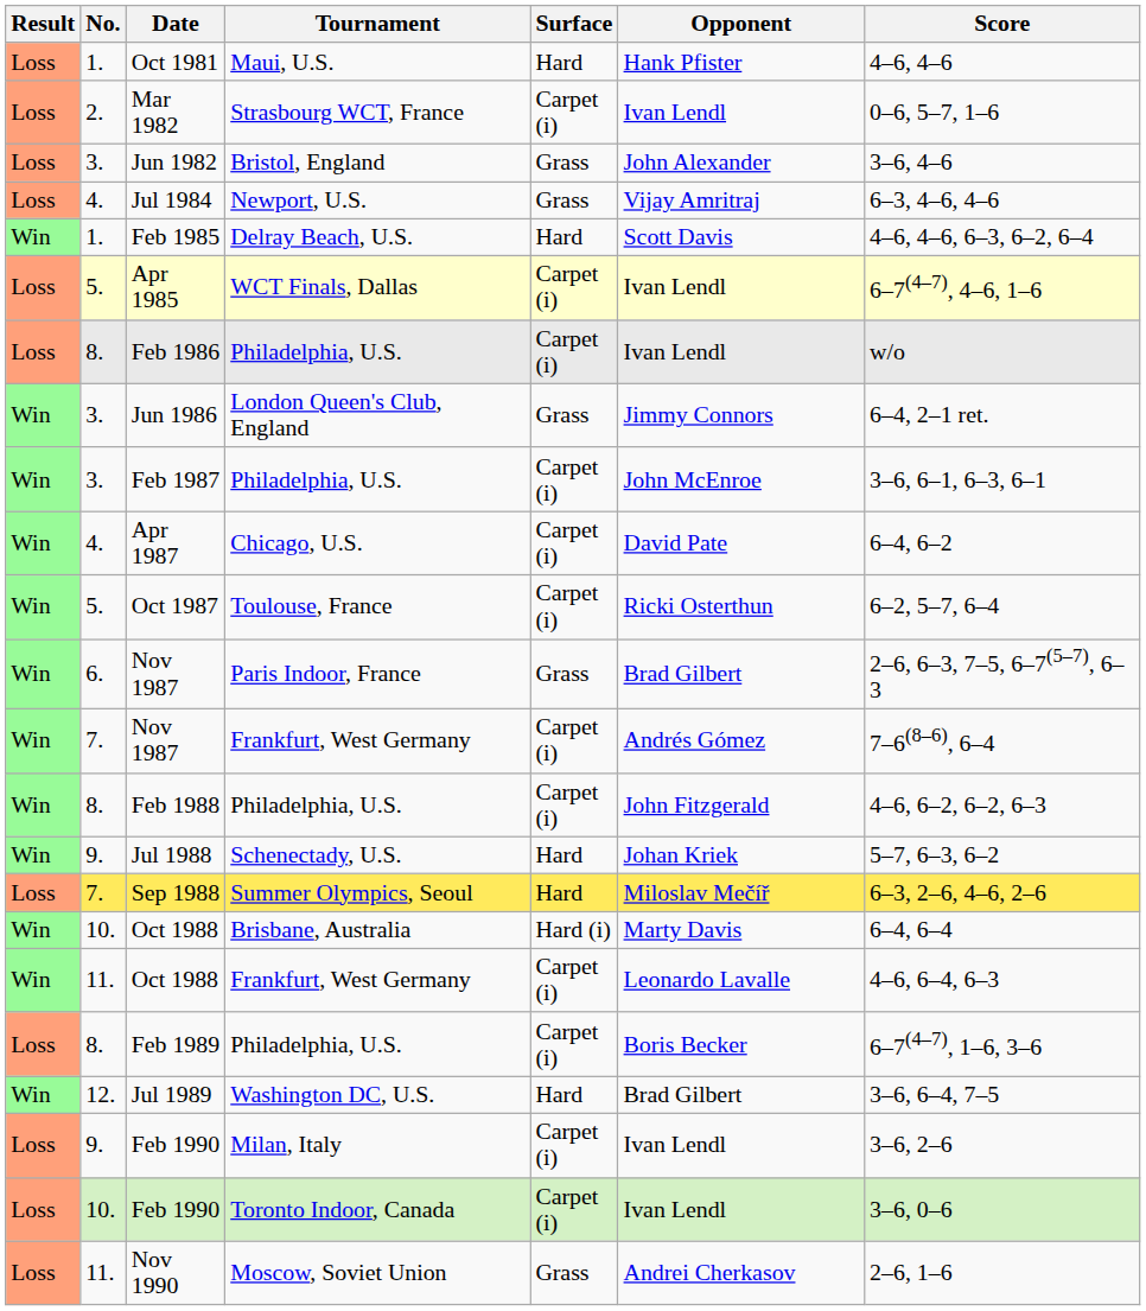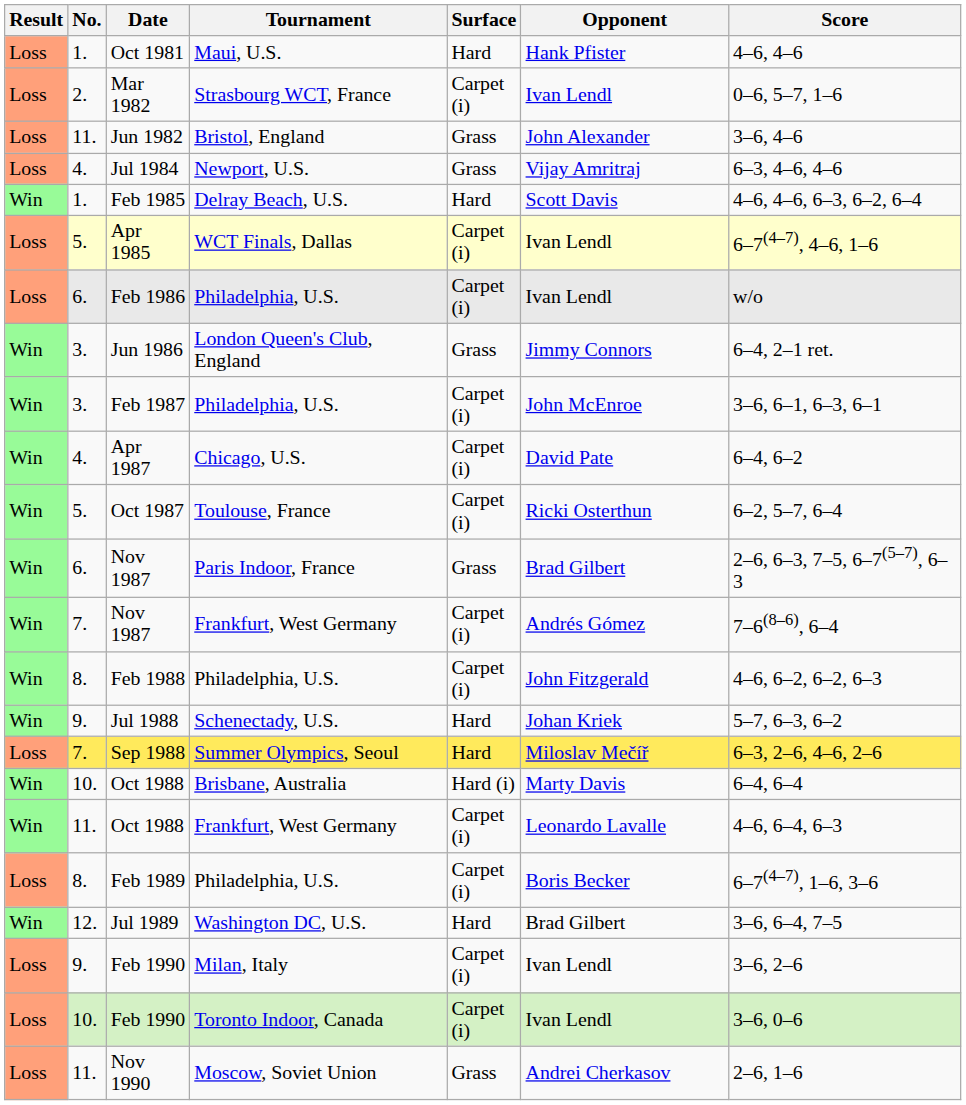 <table class="sortable wikitable">
 <tr>
 <th style="width:40px">Result</th>
 <th style="width:20px" class="unsortable">No.</th>
 <th style="width:60px">Date</th>
 <th style="width:200px">Tournament</th>
 <th style="width:50px">Surface</th>
 <th style="width:160px">Opponent</th>
 <th style="width:180px" class="unsortable">Score</th>
 </tr>
 <tr>
 <td style="background:#ffa07a;">Loss</td>
 <td>1.</td>
 <td>Oct 1981</td>
 <td><a href='#'>Maui</a>, U.S.</td>
 <td>Hard</td>
 <td> <a href='#'>Hank Pfister</a></td>
 <td>4–6, 4–6</td>
 </tr>
 <tr>
 <td style="background:#ffa07a;">Loss</td>
 <td>2.</td>
 <td>Mar 1982</td>
 <td><a href='#'>Strasbourg WCT</a>, France</td>
 <td>Carpet (i)</td>
 <td> <a href='#'>Ivan Lendl</a></td>
 <td>0–6, 5–7, 1–6</td>
 </tr>
 <tr>
 <td style="background:#ffa07a;">Loss</td>
-<td>3.</td>
+<td>11.</td>
 <td>Jun 1982</td>
 <td><a href='#'>Bristol</a>, England</td>
 <td>Grass</td>
 <td> <a href='#'>John Alexander</a></td>
 <td>3–6, 4–6</td>
 </tr>
 <tr>
 <td style="background:#ffa07a;">Loss</td>
 <td>4.</td>
 <td>Jul 1984</td>
 <td><a href='#'>Newport</a>, U.S.</td>
 <td>Grass</td>
 <td> <a href='#'>Vijay Amritraj</a></td>
 <td>6–3, 4–6, 4–6</td>
 </tr>
 <tr>
 <td style="background:#98fb98;">Win</td>
 <td>1.</td>
 <td>Feb 1985</td>
 <td><a href='#'>Delray Beach</a>, U.S.</td>
 <td>Hard</td>
 <td> <a href='#'>Scott Davis</a></td>
 <td>4–6, 4–6, 6–3, 6–2, 6–4</td>
 </tr>
 <tr bgcolor="ffffcc">
 <td style="background:#ffa07a;">Loss</td>
 <td>5.</td>
 <td>Apr 1985</td>
 <td><a href='#'>WCT Finals</a>, Dallas</td>
 <td>Carpet (i)</td>
 <td> Ivan Lendl</td>
 <td>6–7<sup>(4–7)</sup>, 4–6, 1–6</td>
 </tr>
 <tr style="background:#e9e9e9;">
 <td style="background:#ffa07a;">Loss</td>
-<td>8.</td>
+<td>6.</td>
 <td>Feb 1986</td>
 <td><a href='#'>Philadelphia</a>, U.S.</td>
 <td>Carpet (i)</td>
 <td> Ivan Lendl</td>
 <td>w/o</td>
 </tr>
 <tr>
 <td style="background:#98fb98;">Win</td>
 <td>3.</td>
 <td>Jun 1986</td>
 <td><a href='#'>London Queen's Club</a>, England</td>
 <td>Grass</td>
 <td> <a href='#'>Jimmy Connors</a></td>
 <td>6–4, 2–1 ret.</td>
 </tr>
 <tr>
 <td style="background:#98fb98;">Win</td>
 <td>3.</td>
 <td>Feb 1987</td>
 <td><a href='#'>Philadelphia</a>, U.S.</td>
 <td>Carpet (i)</td>
 <td> <a href='#'>John McEnroe</a></td>
 <td>3–6, 6–1, 6–3, 6–1</td>
 </tr>
 <tr>
 <td style="background:#98fb98;">Win</td>
 <td>4.</td>
 <td>Apr 1987</td>
 <td><a href='#'>Chicago</a>, U.S.</td>
 <td>Carpet (i)</td>
 <td> <a href='#'>David Pate</a></td>
 <td>6–4, 6–2</td>
 </tr>
 <tr>
 <td style="background:#98fb98;">Win</td>
 <td>5.</td>
 <td>Oct 1987</td>
 <td><a href='#'>Toulouse</a>, France</td>
 <td>Carpet (i)</td>
 <td> <a href='#'>Ricki Osterthun</a></td>
 <td>6–2, 5–7, 6–4</td>
 </tr>
 <tr>
 <td style="background:#98fb98;">Win</td>
 <td>6.</td>
 <td>Nov 1987</td>
 <td><a href='#'>Paris Indoor</a>, France</td>
 <td>Grass</td>
 <td> <a href='#'>Brad Gilbert</a></td>
 <td>2–6, 6–3, 7–5, 6–7<sup>(5–7)</sup>, 6–3</td>
 </tr>
 <tr>
 <td style="background:#98fb98;">Win</td>
 <td>7.</td>
 <td>Nov 1987</td>
 <td><a href='#'>Frankfurt</a>, West Germany</td>
 <td>Carpet (i)</td>
 <td> <a href='#'>Andrés Gómez</a></td>
 <td>7–6<sup>(8–6)</sup>, 6–4</td>
 </tr>
 <tr>
 <td style="background:#98fb98;">Win</td>
 <td>8.</td>
 <td>Feb 1988</td>
 <td>Philadelphia, U.S.</td>
 <td>Carpet (i)</td>
 <td> <a href='#'>John Fitzgerald</a></td>
 <td>4–6, 6–2, 6–2, 6–3</td>
 </tr>
 <tr>
 <td style="background:#98fb98;">Win</td>
 <td>9.</td>
 <td>Jul 1988</td>
 <td><a href='#'>Schenectady</a>, U.S.</td>
 <td>Hard</td>
 <td> <a href='#'>Johan Kriek</a></td>
 <td>5–7, 6–3, 6–2</td>
 </tr>
 <tr style="background:#ffea5c;">
 <td style="background:#ffa07a;">Loss</td>
 <td>7.</td>
 <td>Sep 1988</td>
 <td><a href='#'>Summer Olympics</a>, Seoul</td>
 <td>Hard</td>
 <td> <a href='#'>Miloslav Mečíř</a></td>
 <td>6–3, 2–6, 4–6, 2–6</td>
 </tr>
 <tr>
 <td style="background:#98fb98;">Win</td>
 <td>10.</td>
 <td>Oct 1988</td>
 <td><a href='#'>Brisbane</a>, Australia</td>
 <td>Hard (i)</td>
 <td> <a href='#'>Marty Davis</a></td>
 <td>6–4, 6–4</td>
 </tr>
 <tr>
 <td style="background:#98fb98;">Win</td>
 <td>11.</td>
 <td>Oct 1988</td>
 <td><a href='#'>Frankfurt</a>, West Germany</td>
 <td>Carpet (i)</td>
 <td> <a href='#'>Leonardo Lavalle</a></td>
 <td>4–6, 6–4, 6–3</td>
 </tr>
 <tr>
 <td style="background:#ffa07a;">Loss</td>
 <td>8.</td>
 <td>Feb 1989</td>
 <td>Philadelphia, U.S.</td>
 <td>Carpet (i)</td>
 <td> <a href='#'>Boris Becker</a></td>
 <td>6–7<sup>(4–7)</sup>, 1–6, 3–6</td>
 </tr>
 <tr>
 <td style="background:#98fb98;">Win</td>
 <td>12.</td>
 <td>Jul 1989</td>
 <td><a href='#'>Washington DC</a>, U.S.</td>
 <td>Hard</td>
 <td> Brad Gilbert</td>
 <td>3–6, 6–4, 7–5</td>
 </tr>
 <tr>
 <td style="background:#ffa07a;">Loss</td>
 <td>9.</td>
 <td>Feb 1990</td>
 <td><a href='#'>Milan</a>, Italy</td>
 <td>Carpet (i)</td>
 <td> Ivan Lendl</td>
 <td>3–6, 2–6</td>
 </tr>
 <tr style="background:#d4f1c5;">
 <td style="background:#ffa07a;">Loss</td>
 <td>10.</td>
 <td>Feb 1990</td>
 <td><a href='#'>Toronto Indoor</a>, Canada</td>
 <td>Carpet (i)</td>
 <td> Ivan Lendl</td>
 <td>3–6, 0–6</td>
 </tr>
 <tr>
 <td style="background:#ffa07a;">Loss</td>
 <td>11.</td>
 <td>Nov 1990</td>
 <td><a href='#'>Moscow</a>, Soviet Union</td>
 <td>Grass</td>
 <td> <a href='#'>Andrei Cherkasov</a></td>
 <td>2–6, 1–6</td>
 </tr>
 </table>
